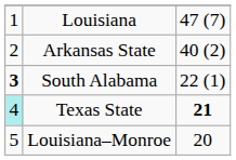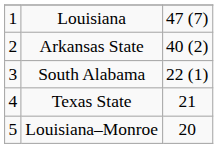 <table class="wikitable" style="display: inline-table;">
 <tr align="center">
 </tr>
 <tr align="center">
 <td>1</td>
 <td>Louisiana</td>
 <td>47 (7)</td>
 </tr>
 <tr align="center">
 <td>2</td>
 <td>Arkansas State</td>
 <td>40 (2)</td>
 </tr>
 <tr align="center">
-<td><strong>3</strong></td>
+<td>3</td>
 <td>South Alabama</td>
 <td>22 (1)</td>
 </tr>
 <tr align="center">
-<td style="background: paleturquoise;">4</td>
+<td>4</td>
 <td>Texas State</td>
-<td><strong>21</strong></td>
+<td>21</td>
 </tr>
 <tr align="center">
 <td>5</td>
 <td>Louisiana–Monroe</td>
 <td>20</td>
 </tr>
 </table>
